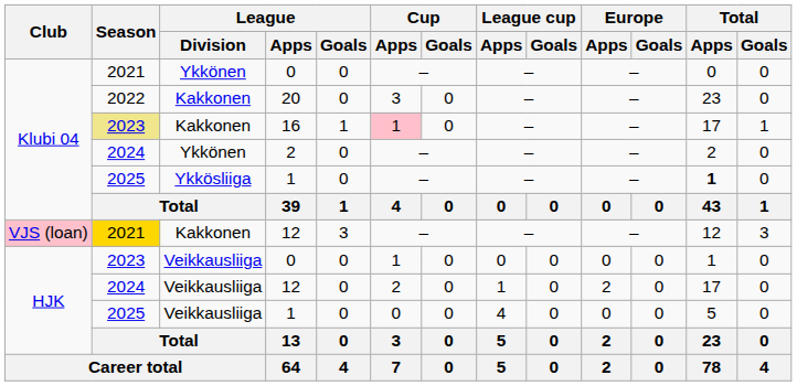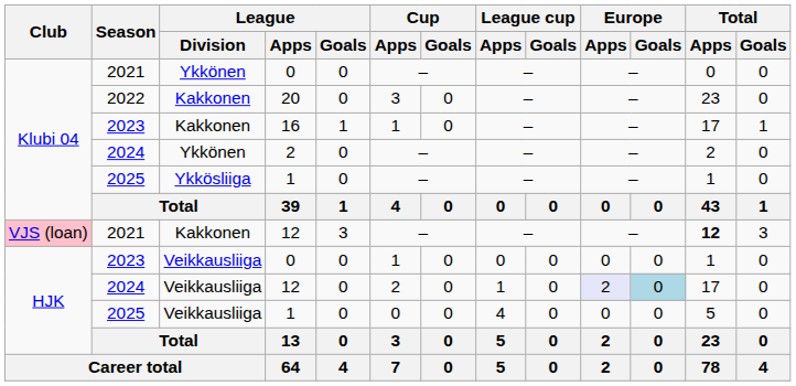 <table class="wikitable" style="text-align:center">
 <tr>
 <th rowspan="2">Club</th>
 <th rowspan="2">Season</th>
 <th colspan="3">League</th>
 <th colspan="2">Cup</th>
 <th colspan="2">League cup</th>
 <th colspan="2">Europe</th>
 <th colspan="2">Total</th>
 </tr>
 <tr>
 <th>Division</th>
 <th>Apps</th>
 <th>Goals</th>
 <th>Apps</th>
 <th>Goals</th>
 <th>Apps</th>
 <th>Goals</th>
 <th>Apps</th>
 <th>Goals</th>
 <th>Apps</th>
 <th>Goals</th>
 </tr>
 <tr>
 <td rowspan="6"><a href='#'>Klubi 04</a></td>
 <td>2021</td>
 <td><a href='#'>Ykkönen</a></td>
 <td>0</td>
 <td>0</td>
 <td colspan=2>–</td>
 <td colspan=2>–</td>
 <td colspan=2>–</td>
 <td>0</td>
 <td>0</td>
 </tr>
 <tr>
 <td>2022</td>
 <td><a href='#'>Kakkonen</a></td>
 <td>20</td>
 <td>0</td>
 <td>3</td>
 <td>0</td>
 <td colspan=2>–</td>
 <td colspan=2>–</td>
 <td>23</td>
 <td>0</td>
 </tr>
 <tr>
-<td style="background: khaki;"><a href='#'>2023</a></td>
+<td><a href='#'>2023</a></td>
 <td>Kakkonen</td>
 <td>16</td>
 <td>1</td>
-<td style="background: pink;">1</td>
+<td>1</td>
 <td>0</td>
 <td colspan=2>–</td>
 <td colspan=2>–</td>
 <td>17</td>
 <td>1</td>
 </tr>
 <tr>
 <td><a href='#'>2024</a></td>
 <td>Ykkönen</td>
 <td>2</td>
 <td>0</td>
 <td colspan=2>–</td>
 <td colspan=2>–</td>
 <td colspan=2>–</td>
 <td>2</td>
 <td>0</td>
 </tr>
 <tr>
 <td><a href='#'>2025</a></td>
 <td><a href='#'>Ykkösliiga</a></td>
 <td>1</td>
 <td>0</td>
 <td colspan=2>–</td>
 <td colspan=2>–</td>
 <td colspan=2>–</td>
-<td><strong>1</strong></td>
+<td>1</td>
 <td>0</td>
 </tr>
 <tr>
 <th colspan="2">Total</th>
 <th>39</th>
 <th>1</th>
 <th>4</th>
 <th>0</th>
 <th>0</th>
 <th>0</th>
 <th>0</th>
 <th>0</th>
 <th>43</th>
 <th>1</th>
 </tr>
 <tr>
 <td style="background: pink;"><a href='#'>VJS</a> (loan)</td>
-<td style="background: gold;">2021</td>
+<td>2021</td>
 <td>Kakkonen</td>
 <td>12</td>
 <td>3</td>
 <td colspan=2>–</td>
 <td colspan=2>–</td>
 <td colspan=2>–</td>
-<td>12</td>
+<td><strong>12</strong></td>
 <td>3</td>
 </tr>
 <tr>
 <td rowspan=4><a href='#'>HJK</a></td>
 <td><a href='#'>2023</a></td>
 <td><a href='#'>Veikkausliiga</a></td>
 <td>0</td>
 <td>0</td>
 <td>1</td>
 <td>0</td>
 <td>0</td>
 <td>0</td>
 <td>0</td>
 <td>0</td>
 <td>1</td>
 <td>0</td>
 </tr>
 <tr>
 <td><a href='#'>2024</a></td>
 <td>Veikkausliiga</td>
 <td>12</td>
 <td>0</td>
 <td>2</td>
 <td>0</td>
 <td>1</td>
 <td>0</td>
-<td>2</td>
-<td>0</td>
+<td style="background: lavender;">2</td>
+<td style="background: lightblue;">0</td>
 <td>17</td>
 <td>0</td>
 </tr>
 <tr>
 <td><a href='#'>2025</a></td>
 <td>Veikkausliiga</td>
 <td>1</td>
 <td>0</td>
 <td>0</td>
 <td>0</td>
 <td>4</td>
 <td>0</td>
 <td>0</td>
 <td>0</td>
 <td>5</td>
 <td>0</td>
 </tr>
 <tr>
 <th colspan="2">Total</th>
 <th>13</th>
 <th>0</th>
 <th>3</th>
 <th>0</th>
 <th>5</th>
 <th>0</th>
 <th>2</th>
 <th>0</th>
 <th>23</th>
 <th>0</th>
 </tr>
 <tr>
 <th colspan="3">Career total</th>
 <th>64</th>
 <th>4</th>
 <th>7</th>
 <th>0</th>
 <th>5</th>
 <th>0</th>
 <th>2</th>
 <th>0</th>
 <th>78</th>
 <th>4</th>
 </tr>
 </table>
